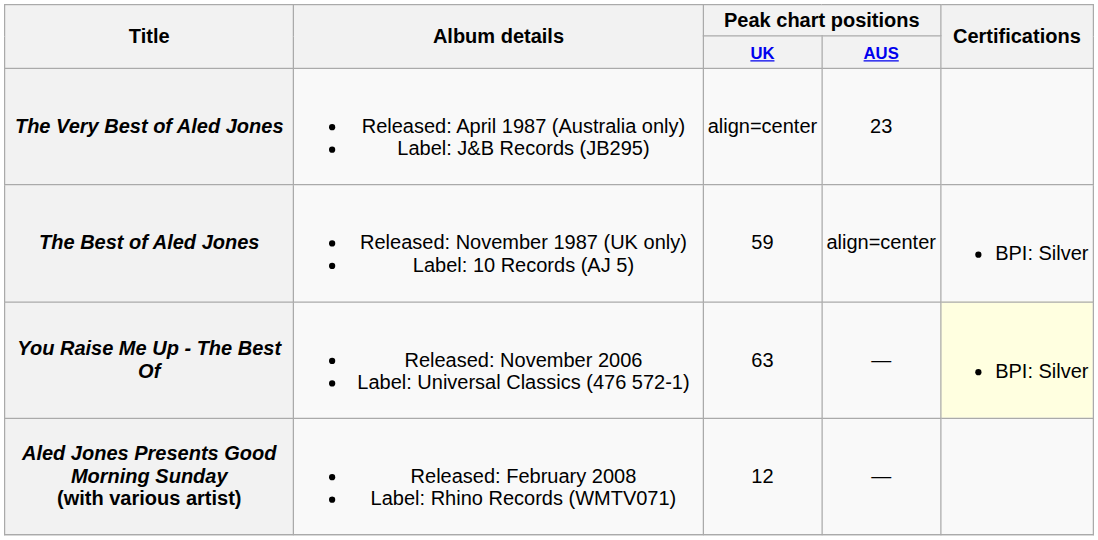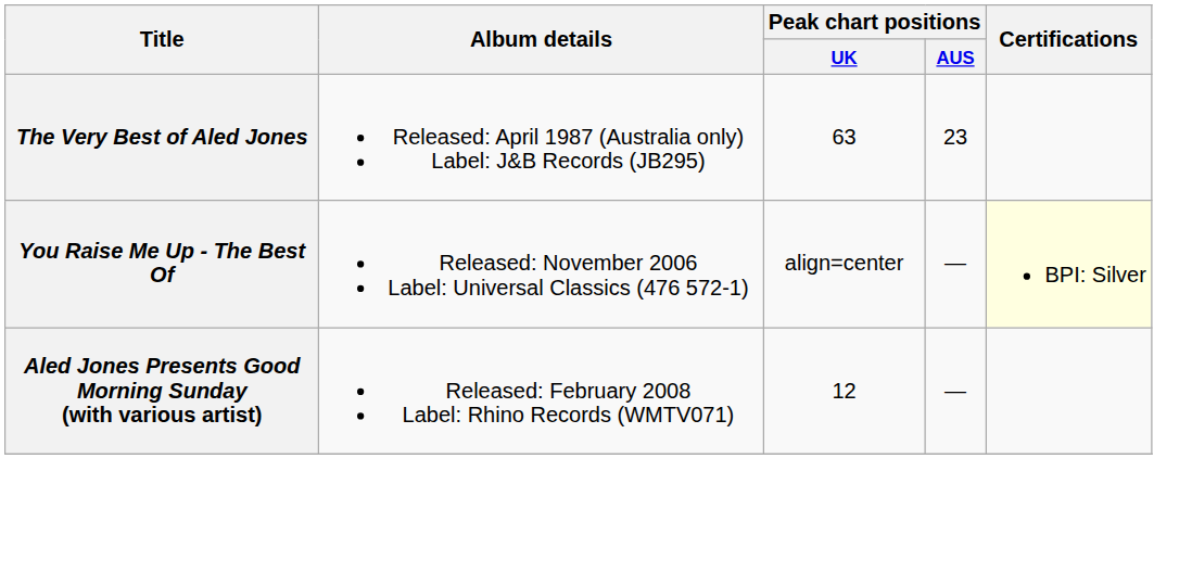 <table class="wikitable plainrowheaders" style="text-align:center;">
 <tr>
 <th scope="col" rowspan="2" style="width:14em;">Title</th>
 <th scope="col" rowspan="2" style="width:20em;">Album details</th>
 <th scope="col" colspan="2">Peak chart positions</th>
 <th rowspan="2">Certifications</th>
 </tr>
 <tr>
 <th><small><a href='#'>UK</a></small> <br></th>
 <th><small><a href='#'>AUS</a></small><br></th>
 </tr>
 <tr>
 <th scope="row"><em>The Very Best of Aled Jones</em></th>
 <td><br><ul><li>Released: April 1987 (Australia only)</li><li>Label: J&B Records (JB295)</li></ul></td>
-<td>align=center </td>
+<td align=center>63</td>
 <td align=center>23</td>
 <td></td>
 </tr>
 <tr>
-<th scope="row"><em>The Best of Aled Jones</em></th>
-<td><br><ul><li>Released: November 1987 (UK only)</li><li>Label: 10 Records (AJ 5)</li></ul></td>
-<td align=center>59</td>
-<td>align=center </td>
-<td><br><ul><li>BPI: Silver</li></ul></td>
-</tr>
-<tr>
 <th scope="row"><em>You Raise Me Up - The Best Of</em></th>
 <td><br><ul><li>Released: November 2006</li><li>Label: Universal Classics (476 572-1)</li></ul></td>
-<td align=center>63</td>
+<td>align=center </td>
 <td align=center>—</td>
 <td style="background: lightyellow;"><br><ul><li>BPI: Silver</li></ul></td>
 </tr>
 <tr>
 <th scope="row"><em>Aled Jones Presents Good Morning Sunday</em> <br> (with various artist)</th>
 <td><br><ul><li>Released: February 2008</li><li>Label: Rhino Records (WMTV071)</li></ul></td>
 <td align=center>12</td>
 <td align=center>—</td>
 <td></td>
 </tr>
 <tr>
 </tr>
 </table>
